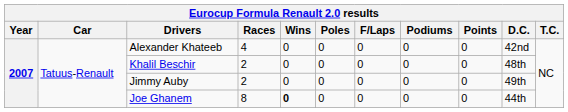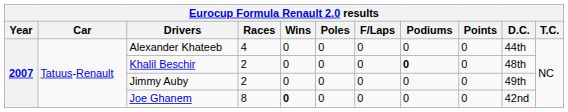 <table class="wikitable" style="font-size:85%; width:700px">
 <tr>
 <th colspan=11><a href='#'>Eurocup Formula Renault 2.0</a> results</th>
 </tr>
 <tr>
 <th>Year</th>
 <th>Car</th>
 <th>Drivers</th>
 <th>Races</th>
 <th>Wins</th>
 <th>Poles</th>
 <th>F/Laps</th>
 <th>Podiums</th>
 <th>Points</th>
 <th>D.C.</th>
 <th>T.C.</th>
 </tr>
 <tr>
 <th rowspan=4><a href='#'>2007</a></th>
 <td rowspan=4><a href='#'>Tatuus</a>-<a href='#'>Renault</a></td>
 <td> Alexander Khateeb</td>
 <td>4</td>
 <td>0</td>
 <td>0</td>
 <td>0</td>
 <td>0</td>
 <td>0</td>
-<td>42nd</td>
+<td>44th</td>
 <td rowspan=5>NC</td>
 </tr>
 <tr>
 <td> <a href='#'>Khalil Beschir</a></td>
 <td>2</td>
 <td>0</td>
 <td>0</td>
 <td>0</td>
-<td>0</td>
+<td><strong>0</strong></td>
 <td>0</td>
 <td>48th</td>
 </tr>
 <tr>
 <td> Jimmy Auby</td>
 <td>2</td>
 <td>0</td>
 <td>0</td>
 <td>0</td>
 <td>0</td>
 <td>0</td>
 <td>49th</td>
 </tr>
 <tr>
 <td> <a href='#'>Joe Ghanem</a></td>
 <td>8</td>
 <td><strong>0</strong></td>
 <td>0</td>
 <td>0</td>
 <td>0</td>
 <td>0</td>
-<td>44th</td>
+<td>42nd</td>
 </tr>
 </table>
